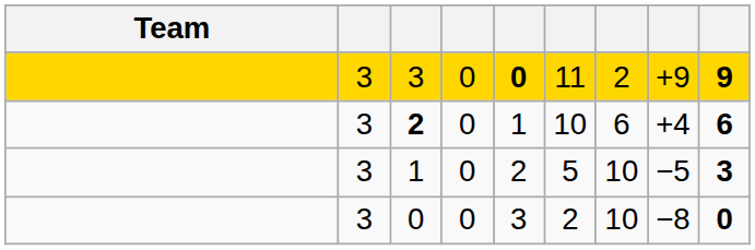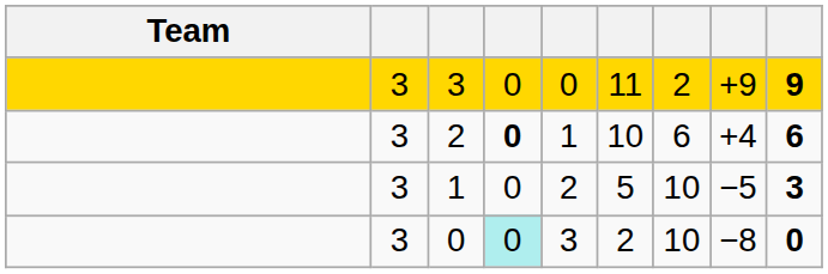 <table class="wikitable" style="text-align: center;">
 <tr>
 <th width=170>Team</th>
 <th width=20></th>
 <th width=20></th>
 <th width=20></th>
 <th width=20></th>
 <th width=20></th>
 <th width=20></th>
 <th width=20></th>
 <th width=20></th>
 </tr>
 <tr bgcolor=gold>
 <td align="left"></td>
 <td>3</td>
 <td>3</td>
 <td>0</td>
-<td><strong>0</strong></td>
+<td>0</td>
 <td>11</td>
 <td>2</td>
 <td>+9</td>
 <td><strong>9</strong></td>
 </tr>
 <tr>
 <td align="left"></td>
 <td>3</td>
-<td><strong>2</strong></td>
-<td>0</td>
+<td>2</td>
+<td><strong>0</strong></td>
 <td>1</td>
 <td>10</td>
 <td>6</td>
 <td>+4</td>
 <td><strong>6</strong></td>
 </tr>
 <tr>
 <td align="left"></td>
 <td>3</td>
 <td>1</td>
 <td>0</td>
 <td>2</td>
 <td>5</td>
 <td>10</td>
 <td>−5</td>
 <td><strong>3</strong></td>
 </tr>
 <tr>
 <td align="left"></td>
 <td>3</td>
 <td>0</td>
-<td>0</td>
+<td style="background: paleturquoise;">0</td>
 <td>3</td>
 <td>2</td>
 <td>10</td>
 <td>−8</td>
 <td><strong>0</strong></td>
 </tr>
 </table>
